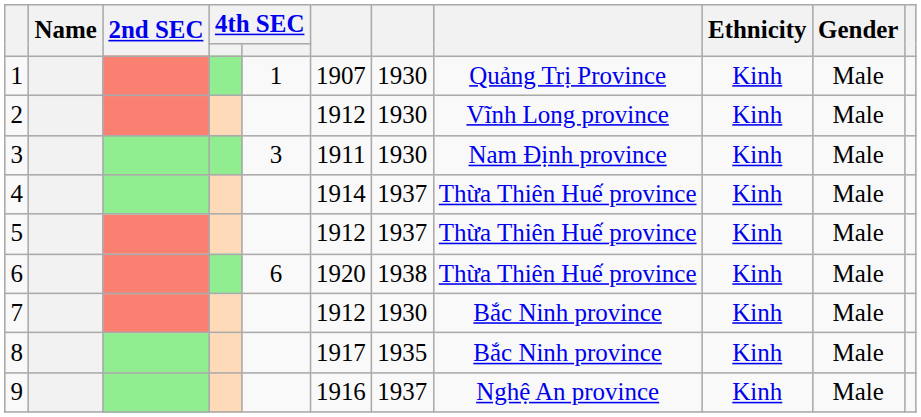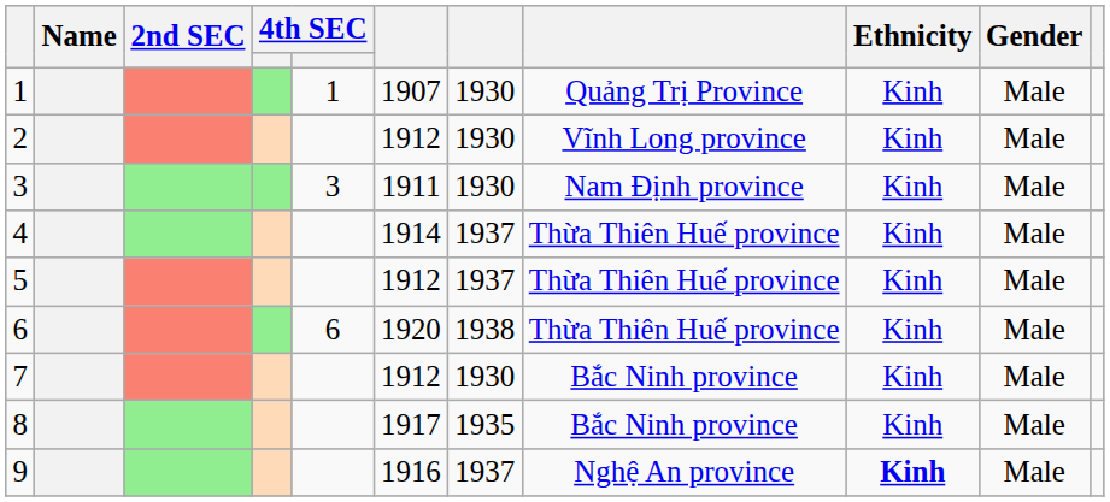 <table class="wikitable sortable" style=text-align:center>
 <tr>
 <th Rowspan="2"></th>
 <th Rowspan="2">Name</th>
 <th Rowspan="2"><a href='#'>2nd SEC</a></th>
 <th colspan="2" unsortable><a href='#'>4th SEC</a></th>
 <th Rowspan="2"></th>
 <th Rowspan="2"></th>
 <th Rowspan="2"></th>
 <th Rowspan="2">Ethnicity</th>
 <th Rowspan="2">Gender</th>
 <th Rowspan="2"  scope="col" class="unsortable"></th>
 </tr>
 <tr>
 <th></th>
 <th></th>
 </tr>
 <tr>
 <td>1</td>
 <th align="center" scope="row" style="font-weight:normal;"></th>
 <td bgcolor = Salmon></td>
 <td bgcolor = LightGreen></td>
 <td>1</td>
 <td>1907</td>
 <td>1930</td>
 <td><a href='#'>Quảng Trị Province</a></td>
 <td><a href='#'>Kinh</a></td>
 <td>Male</td>
 <td></td>
 </tr>
 <tr>
 <td>2</td>
 <th align="center" scope="row" style="font-weight:normal;"></th>
 <td bgcolor = Salmon></td>
 <td bgcolor = PeachPuff></td>
 <td></td>
 <td>1912</td>
 <td>1930</td>
 <td><a href='#'>Vĩnh Long province</a></td>
 <td><a href='#'>Kinh</a></td>
 <td>Male</td>
 <td></td>
 </tr>
 <tr>
 <td>3</td>
 <th align="center" scope="row" style="font-weight:normal;"></th>
 <td bgcolor = LightGreen></td>
 <td bgcolor = LightGreen></td>
 <td>3</td>
 <td>1911</td>
 <td>1930</td>
 <td><a href='#'>Nam Định province</a></td>
 <td><a href='#'>Kinh</a></td>
 <td>Male</td>
 <td></td>
 </tr>
 <tr>
 <td>4</td>
 <th align="center" scope="row" style="font-weight:normal;"></th>
 <td bgcolor = LightGreen></td>
 <td bgcolor = PeachPuff></td>
 <td></td>
 <td>1914</td>
 <td>1937</td>
 <td><a href='#'>Thừa Thiên Huế province</a></td>
 <td><a href='#'>Kinh</a></td>
 <td>Male</td>
 <td></td>
 </tr>
 <tr>
 <td>5</td>
 <th align="center" scope="row" style="font-weight:normal;"></th>
 <td bgcolor = Salmon></td>
 <td bgcolor = PeachPuff></td>
 <td></td>
 <td>1912</td>
 <td>1937</td>
 <td><a href='#'>Thừa Thiên Huế province</a></td>
 <td><a href='#'>Kinh</a></td>
 <td>Male</td>
 <td></td>
 </tr>
 <tr>
 <td>6</td>
 <th align="center" scope="row" style="font-weight:normal;"></th>
 <td bgcolor = Salmon></td>
 <td bgcolor = LightGreen></td>
 <td>6</td>
 <td>1920</td>
 <td>1938</td>
 <td><a href='#'>Thừa Thiên Huế province</a></td>
 <td><a href='#'>Kinh</a></td>
 <td>Male</td>
 <td></td>
 </tr>
 <tr>
 <td>7</td>
 <th align="center" scope="row" style="font-weight:normal;"></th>
 <td bgcolor = Salmon></td>
 <td bgcolor = PeachPuff></td>
 <td></td>
 <td>1912</td>
 <td>1930</td>
 <td><a href='#'>Bắc Ninh province</a></td>
 <td><a href='#'>Kinh</a></td>
 <td>Male</td>
 <td></td>
 </tr>
 <tr>
 <td>8</td>
 <th align="center" scope="row" style="font-weight:normal;"></th>
 <td bgcolor = LightGreen></td>
 <td bgcolor = PeachPuff></td>
 <td></td>
 <td>1917</td>
 <td>1935</td>
 <td><a href='#'>Bắc Ninh province</a></td>
 <td><a href='#'>Kinh</a></td>
 <td>Male</td>
 <td></td>
 </tr>
 <tr>
 <td>9</td>
 <th align="center" scope="row" style="font-weight:normal;"></th>
 <td bgcolor = LightGreen></td>
 <td bgcolor = PeachPuff></td>
 <td></td>
 <td>1916</td>
 <td>1937</td>
 <td><a href='#'>Nghệ An province</a></td>
-<td><a href='#'>Kinh</a></td>
+<td><strong><a href='#'>Kinh</a></strong></td>
 <td>Male</td>
 <td></td>
 </tr>
 </table>
